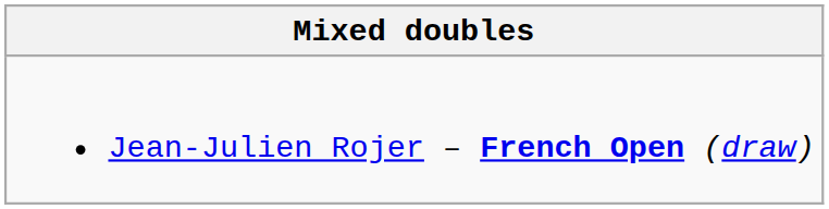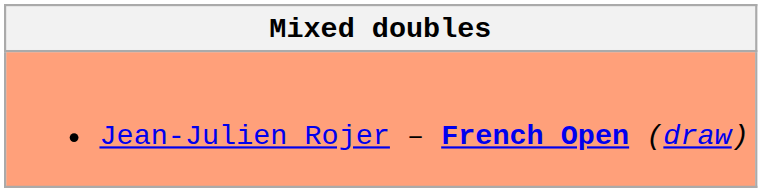 <table class="wikitable collapsible collapsed">
 <tr>
 <th><strong>Mixed doubles</strong></th>
 </tr>
 <tr>
-<td><br><ul><li> <a href='#'>Jean-Julien Rojer</a> – <strong><a href='#'>French Open</a></strong> <em>(<a href='#'>draw</a>)</em></li></ul></td>
+<td style="background: lightsalmon;"><br><ul><li> <a href='#'>Jean-Julien Rojer</a> – <strong><a href='#'>French Open</a></strong> <em>(<a href='#'>draw</a>)</em></li></ul></td>
 </tr>
 </table>
